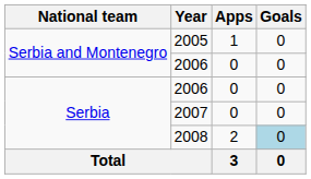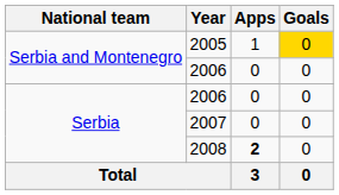 <table class="wikitable" style="text-align:center">
 <tr>
 <th>National team</th>
 <th>Year</th>
 <th>Apps</th>
 <th>Goals</th>
 </tr>
 <tr>
 <td rowspan="2"><a href='#'>Serbia and Montenegro</a></td>
 <td>2005</td>
 <td>1</td>
-<td>0</td>
+<td style="background: gold;">0</td>
 </tr>
 <tr>
 <td>2006</td>
 <td>0</td>
 <td>0</td>
 </tr>
 <tr>
 <td rowspan="3"><a href='#'>Serbia</a></td>
 <td>2006</td>
 <td>0</td>
 <td>0</td>
 </tr>
 <tr>
 <td>2007</td>
 <td>0</td>
 <td>0</td>
 </tr>
 <tr>
 <td>2008</td>
-<td>2</td>
-<td style="background: lightblue;">0</td>
+<td><strong>2</strong></td>
+<td>0</td>
 </tr>
 <tr>
 <th colspan="2">Total</th>
 <th>3</th>
 <th>0</th>
 </tr>
 </table>
